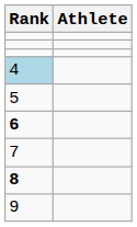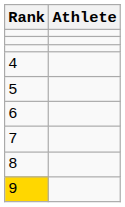 <table class="wikitable" style="text-align:left">
 <tr>
 <th>Rank</th>
 <th>Athlete</th>
 </tr>
 <tr>
 <td></td>
 <td></td>
 </tr>
 <tr>
 <td></td>
 <td></td>
 </tr>
 <tr>
 <td></td>
 <td></td>
 </tr>
 <tr>
-<td style="background: lightblue;">4</td>
+<td>4</td>
 <td></td>
 </tr>
 <tr>
 <td>5</td>
 <td></td>
 </tr>
 <tr>
-<td><strong>6</strong></td>
+<td>6</td>
 <td></td>
 </tr>
 <tr>
 <td>7</td>
 <td></td>
 </tr>
 <tr>
-<td><strong>8</strong></td>
+<td>8</td>
 <td></td>
 </tr>
 <tr>
-<td>9</td>
+<td style="background: gold;">9</td>
 <td></td>
 </tr>
 </table>
